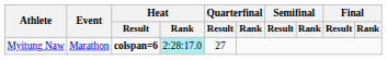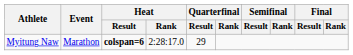 <table class="wikitable" style="font-size:90%">
 <tr>
 <th rowspan="2">Athlete</th>
 <th rowspan="2">Event</th>
 <th colspan="2">Heat</th>
 <th colspan="2">Quarterfinal</th>
 <th colspan="2">Semifinal</th>
 <th colspan="2">Final</th>
 </tr>
 <tr style="font-size:95%">
 <th>Result</th>
 <th>Rank</th>
 <th>Result</th>
 <th>Rank</th>
 <th>Result</th>
 <th>Rank</th>
 <th>Result</th>
 <th>Rank</th>
 </tr>
 <tr align=center>
 <td><a href='#'>Myitung Naw</a></td>
 <td align=left><a href='#'>Marathon</a></td>
 <td><strong>colspan=6 </strong></td>
-<td style="background: paleturquoise;">2:28:17.0</td>
-<td>27</td>
+<td>2:28:17.0</td>
+<td>29</td>
 </tr>
 </table>
